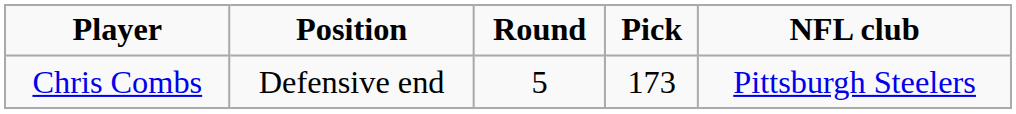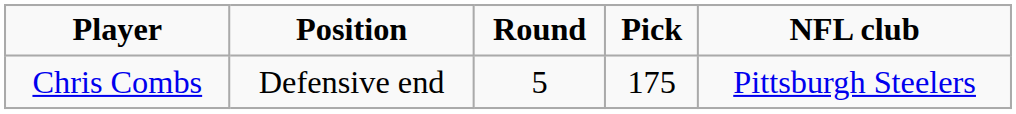 <table class="wikitable" width="80%">
 <tr align="center">
 <td><strong>Player</strong></td>
 <td><strong>Position</strong></td>
 <td><strong>Round</strong></td>
 <td><strong>Pick</strong></td>
 <td><strong>NFL club</strong></td>
 </tr>
 <tr align="center" bgcolor="">
 <td><a href='#'>Chris Combs</a></td>
 <td>Defensive end</td>
 <td>5</td>
-<td>173</td>
+<td>175</td>
 <td><a href='#'>Pittsburgh Steelers</a></td>
 </tr>
 </table>
